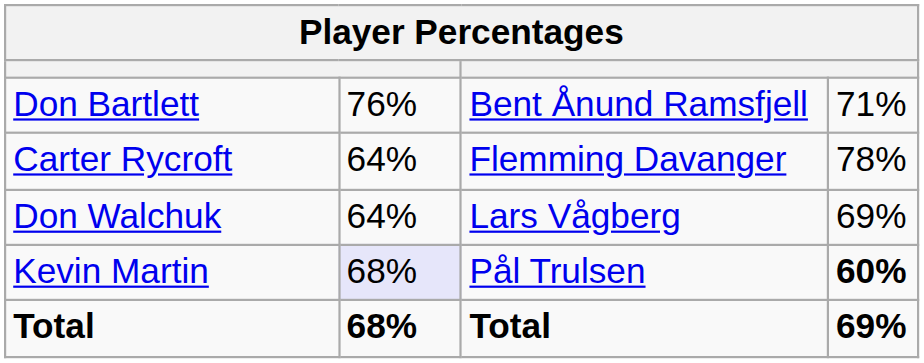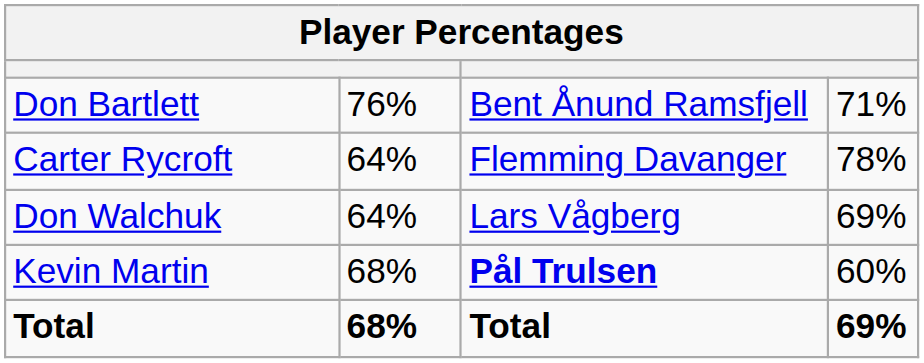 <table class="wikitable">
 <tr>
 <th colspan=4 width=400>Player Percentages</th>
 </tr>
 <tr>
 <th colspan=2 width=200></th>
 <th colspan=2 width=200></th>
 </tr>
 <tr>
 <td><a href='#'>Don Bartlett</a></td>
 <td>76%</td>
 <td><a href='#'>Bent Ånund Ramsfjell</a></td>
 <td>71%</td>
 </tr>
 <tr>
 <td><a href='#'>Carter Rycroft</a></td>
 <td>64%</td>
 <td><a href='#'>Flemming Davanger</a></td>
 <td>78%</td>
 </tr>
 <tr>
 <td><a href='#'>Don Walchuk</a></td>
 <td>64%</td>
 <td><a href='#'>Lars Vågberg</a></td>
 <td>69%</td>
 </tr>
 <tr>
 <td><a href='#'>Kevin Martin</a></td>
-<td style="background: lavender;">68%</td>
-<td><a href='#'>Pål Trulsen</a></td>
-<td><strong>60%</strong></td>
+<td>68%</td>
+<td><strong><a href='#'>Pål Trulsen</a></strong></td>
+<td>60%</td>
 </tr>
 <tr>
 <td><strong>Total</strong></td>
 <td><strong>68%</strong></td>
 <td><strong>Total</strong></td>
 <td><strong>69%</strong></td>
 </tr>
 </table>
